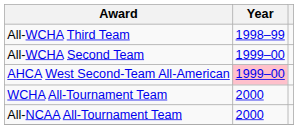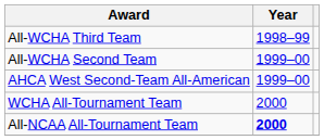 <table class="wikitable">
 <tr>
 <th>Award</th>
 <th>Year</th>
 <th></th>
 </tr>
 <tr>
 <td>All-<a href='#'>WCHA</a> <a href='#'>Third Team</a></td>
 <td><a href='#'>1998–99</a></td>
 <td></td>
 </tr>
 <tr>
 <td>All-<a href='#'>WCHA</a> <a href='#'>Second Team</a></td>
 <td><a href='#'>1999–00</a></td>
 <td></td>
 </tr>
 <tr>
 <td><a href='#'>AHCA</a> <a href='#'>West Second-Team All-American</a></td>
-<td style="background: pink;"><a href='#'>1999–00</a></td>
+<td><a href='#'>1999–00</a></td>
 <td></td>
 </tr>
 <tr>
 <td><a href='#'>WCHA</a> <a href='#'>All-Tournament Team</a></td>
 <td><a href='#'>2000</a></td>
 <td></td>
 </tr>
 <tr>
 <td>All-<a href='#'>NCAA</a> <a href='#'>All-Tournament Team</a></td>
-<td><a href='#'>2000</a></td>
+<td><strong><a href='#'>2000</a></strong></td>
 <td></td>
 </tr>
 <tr>
 </tr>
 </table>
